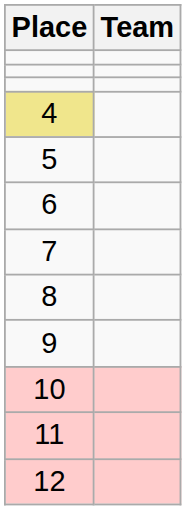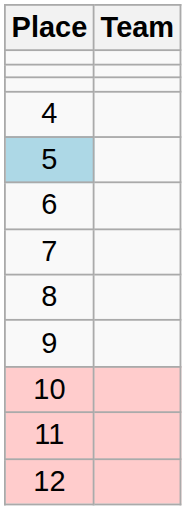 <table class="wikitable">
 <tr>
 <th>Place</th>
 <th>Team</th>
 </tr>
 <tr>
 <td align=center></td>
 <td></td>
 </tr>
 <tr>
 <td align=center></td>
 <td></td>
 </tr>
 <tr>
 <td align=center></td>
 <td></td>
 </tr>
 <tr>
-<td align=center style="background: khaki;">4</td>
+<td align=center>4</td>
 <td></td>
 </tr>
 <tr>
-<td align=center>5</td>
+<td align=center style="background: lightblue;">5</td>
 <td></td>
 </tr>
 <tr>
 <td align=center>6</td>
 <td></td>
 </tr>
 <tr>
 <td align=center>7</td>
 <td></td>
 </tr>
 <tr>
 <td align=center>8</td>
 <td></td>
 </tr>
 <tr>
 <td align=center>9</td>
 <td></td>
 </tr>
 <tr bgcolor=#ffcccc>
 <td align=center>10</td>
 <td></td>
 </tr>
 <tr bgcolor=#ffcccc>
 <td align=center>11</td>
 <td></td>
 </tr>
 <tr bgcolor=#ffcccc>
 <td align=center>12</td>
 <td></td>
 </tr>
 </table>
